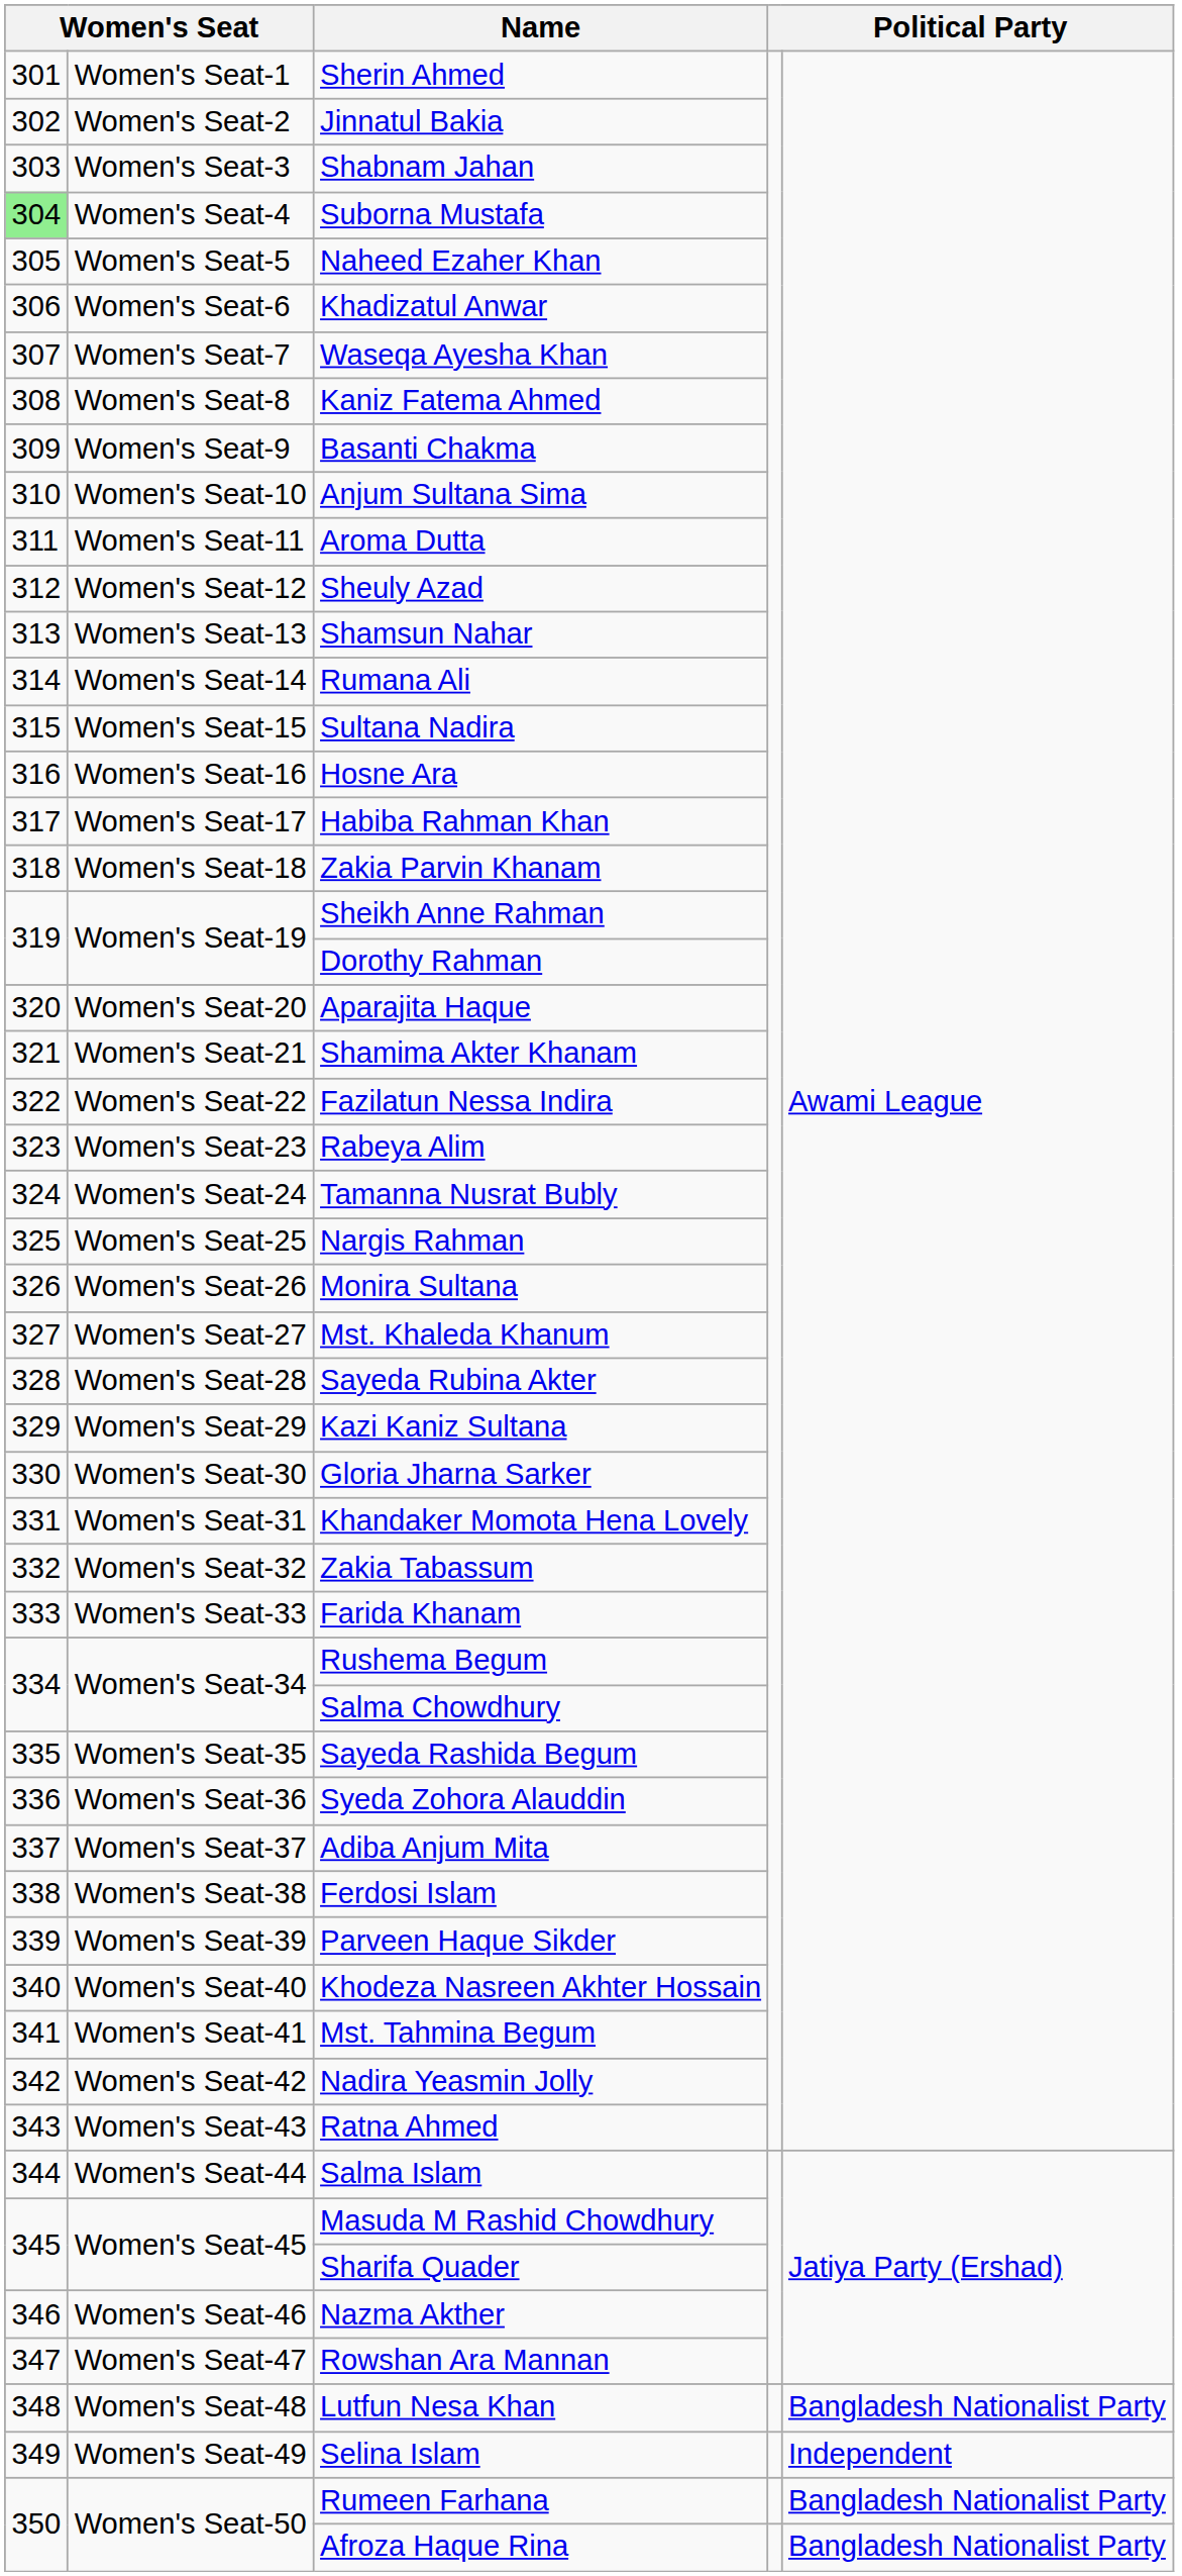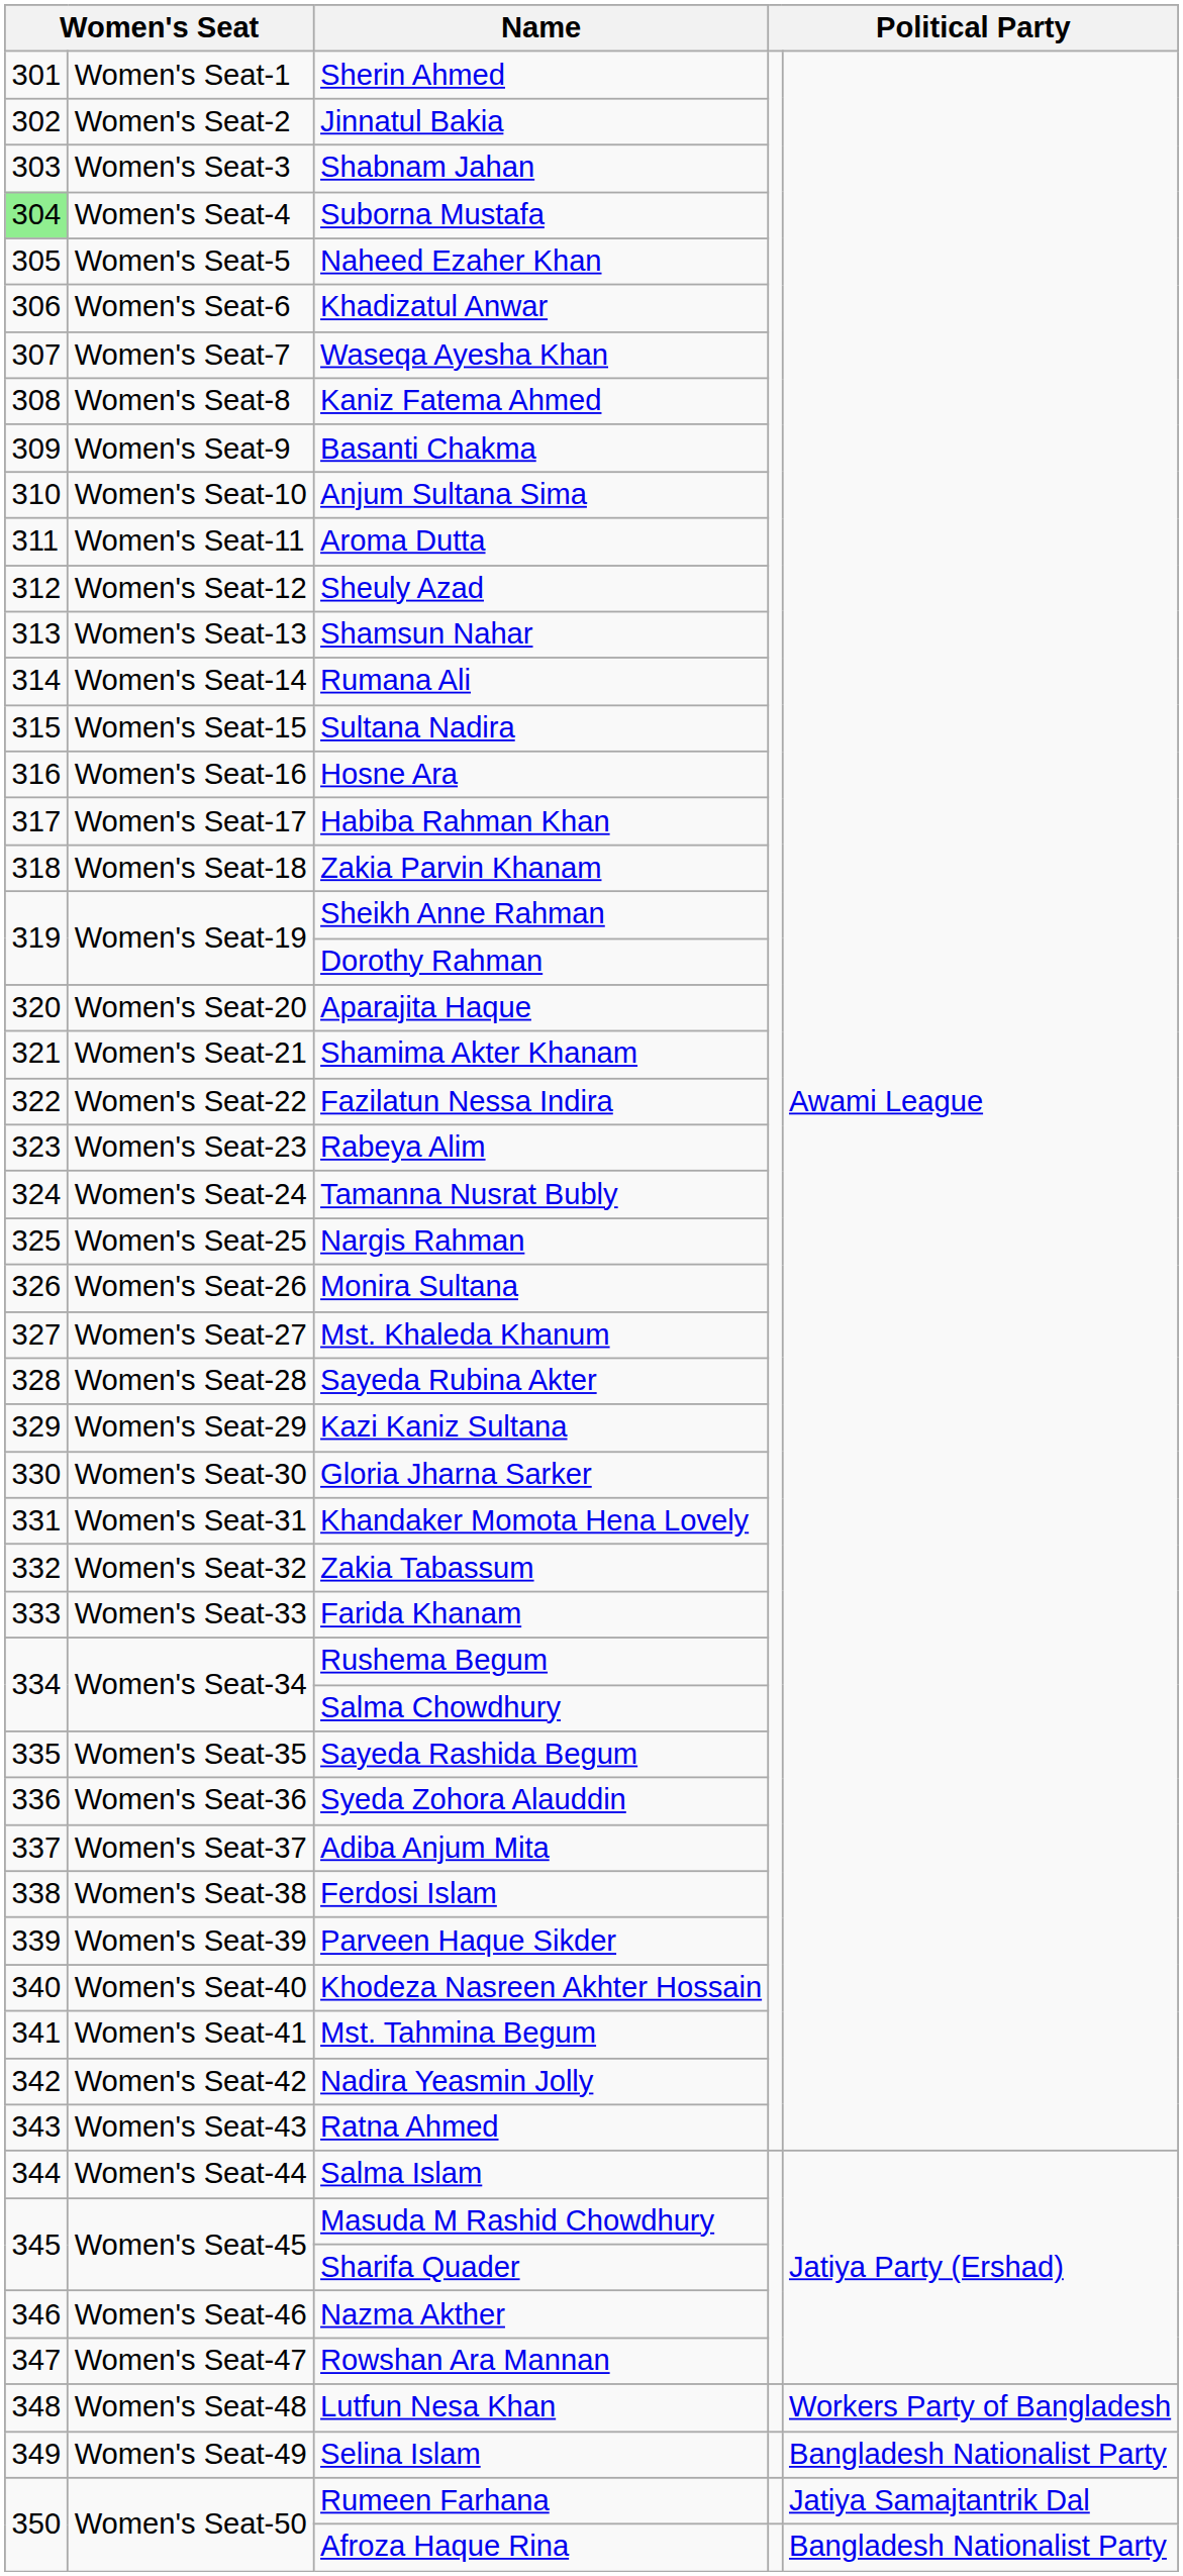 <table class="wikitable sortable">
 <tr>
 <th colspan="2">Women's Seat</th>
 <th>Name</th>
 <th colspan="2"><strong>Political Party</strong></th>
 </tr>
 <tr>
 <td>301</td>
 <td>Women's Seat-1</td>
 <td><a href='#'>Sherin Ahmed</a></td>
 <td rowspan="45" style="background-color:"></td>
 <td rowspan="45"><a href='#'>Awami League</a></td>
 </tr>
 <tr>
 <td>302</td>
 <td>Women's Seat-2</td>
 <td><a href='#'>Jinnatul Bakia</a></td>
 </tr>
 <tr>
 <td>303</td>
 <td>Women's Seat-3</td>
 <td><a href='#'>Shabnam Jahan</a></td>
 </tr>
 <tr>
 <td style="background: lightgreen;">304</td>
 <td>Women's Seat-4</td>
 <td><a href='#'>Suborna Mustafa</a></td>
 </tr>
 <tr>
 <td>305</td>
 <td>Women's Seat-5</td>
 <td><a href='#'>Naheed Ezaher Khan</a></td>
 </tr>
 <tr>
 <td>306</td>
 <td>Women's Seat-6</td>
 <td><a href='#'>Khadizatul Anwar</a></td>
 </tr>
 <tr>
 <td>307</td>
 <td>Women's Seat-7</td>
 <td><a href='#'>Waseqa Ayesha Khan</a></td>
 </tr>
 <tr>
 <td>308</td>
 <td>Women's Seat-8</td>
 <td><a href='#'>Kaniz Fatema Ahmed</a></td>
 </tr>
 <tr>
 <td>309</td>
 <td>Women's Seat-9</td>
 <td><a href='#'>Basanti Chakma</a></td>
 </tr>
 <tr>
 <td>310</td>
 <td>Women's Seat-10</td>
 <td><a href='#'>Anjum Sultana Sima</a></td>
 </tr>
 <tr>
 <td>311</td>
 <td>Women's Seat-11</td>
 <td><a href='#'>Aroma Dutta</a></td>
 </tr>
 <tr>
 <td>312</td>
 <td>Women's Seat-12</td>
 <td><a href='#'>Sheuly Azad</a></td>
 </tr>
 <tr>
 <td>313</td>
 <td>Women's Seat-13</td>
 <td><a href='#'>Shamsun Nahar</a></td>
 </tr>
 <tr>
 <td>314</td>
 <td>Women's Seat-14</td>
 <td><a href='#'>Rumana Ali</a></td>
 </tr>
 <tr>
 <td>315</td>
 <td>Women's Seat-15</td>
 <td><a href='#'>Sultana Nadira</a></td>
 </tr>
 <tr>
 <td>316</td>
 <td>Women's Seat-16</td>
 <td><a href='#'>Hosne Ara</a></td>
 </tr>
 <tr>
 <td>317</td>
 <td>Women's Seat-17</td>
 <td><a href='#'>Habiba Rahman Khan</a></td>
 </tr>
 <tr>
 <td>318</td>
 <td>Women's Seat-18</td>
 <td><a href='#'>Zakia Parvin Khanam</a></td>
 </tr>
 <tr>
 <td rowspan="2">319</td>
 <td rowspan="2">Women's Seat-19</td>
 <td><a href='#'>Sheikh Anne Rahman</a> </td>
 </tr>
 <tr>
 <td><a href='#'>Dorothy Rahman</a> </td>
 </tr>
 <tr>
 <td>320</td>
 <td>Women's Seat-20</td>
 <td><a href='#'>Aparajita Haque</a></td>
 </tr>
 <tr>
 <td>321</td>
 <td>Women's Seat-21</td>
 <td><a href='#'>Shamima Akter Khanam</a></td>
 </tr>
 <tr>
 <td>322</td>
 <td>Women's Seat-22</td>
 <td><a href='#'>Fazilatun Nessa Indira</a></td>
 </tr>
 <tr>
 <td>323</td>
 <td>Women's Seat-23</td>
 <td><a href='#'>Rabeya Alim</a></td>
 </tr>
 <tr>
 <td>324</td>
 <td>Women's Seat-24</td>
 <td><a href='#'>Tamanna Nusrat Bubly</a></td>
 </tr>
 <tr>
 <td>325</td>
 <td>Women's Seat-25</td>
 <td><a href='#'>Nargis Rahman</a></td>
 </tr>
 <tr>
 <td>326</td>
 <td>Women's Seat-26</td>
 <td><a href='#'>Monira Sultana</a></td>
 </tr>
 <tr>
 <td>327</td>
 <td>Women's Seat-27</td>
 <td><a href='#'>Mst. Khaleda Khanum</a></td>
 </tr>
 <tr>
 <td>328</td>
 <td>Women's Seat-28</td>
 <td><a href='#'>Sayeda Rubina Akter</a></td>
 </tr>
 <tr>
 <td>329</td>
 <td>Women's Seat-29</td>
 <td><a href='#'>Kazi Kaniz Sultana</a></td>
 </tr>
 <tr>
 <td>330</td>
 <td>Women's Seat-30</td>
 <td><a href='#'>Gloria Jharna Sarker</a></td>
 </tr>
 <tr>
 <td>331</td>
 <td>Women's Seat-31</td>
 <td><a href='#'>Khandaker Momota Hena Lovely</a></td>
 </tr>
 <tr>
 <td>332</td>
 <td>Women's Seat-32</td>
 <td><a href='#'>Zakia Tabassum</a></td>
 </tr>
 <tr>
 <td>333</td>
 <td>Women's Seat-33</td>
 <td><a href='#'>Farida Khanam</a></td>
 </tr>
 <tr>
 <td rowspan="2">334</td>
 <td rowspan="2">Women's Seat-34</td>
 <td><a href='#'>Rushema Begum</a> </td>
 </tr>
 <tr>
 <td><a href='#'>Salma Chowdhury</a> </td>
 </tr>
 <tr>
 <td>335</td>
 <td>Women's Seat-35</td>
 <td><a href='#'>Sayeda Rashida Begum</a></td>
 </tr>
 <tr>
 <td>336</td>
 <td>Women's Seat-36</td>
 <td><a href='#'>Syeda Zohora Alauddin</a></td>
 </tr>
 <tr>
 <td>337</td>
 <td>Women's Seat-37</td>
 <td><a href='#'>Adiba Anjum Mita</a></td>
 </tr>
 <tr>
 <td>338</td>
 <td>Women's Seat-38</td>
 <td><a href='#'>Ferdosi Islam</a></td>
 </tr>
 <tr>
 <td>339</td>
 <td>Women's Seat-39</td>
 <td><a href='#'>Parveen Haque Sikder</a></td>
 </tr>
 <tr>
 <td>340</td>
 <td>Women's Seat-40</td>
 <td><a href='#'>Khodeza Nasreen Akhter Hossain</a></td>
 </tr>
 <tr>
 <td>341</td>
 <td>Women's Seat-41</td>
 <td><a href='#'>Mst. Tahmina Begum</a></td>
 </tr>
 <tr>
 <td>342</td>
 <td>Women's Seat-42</td>
 <td><a href='#'>Nadira Yeasmin Jolly</a></td>
 </tr>
 <tr>
 <td>343</td>
 <td>Women's Seat-43</td>
 <td><a href='#'>Ratna Ahmed</a></td>
 </tr>
 <tr>
 <td>344</td>
 <td>Women's Seat-44</td>
 <td><a href='#'>Salma Islam</a></td>
 <td rowspan="5" style="background-color:"></td>
 <td rowspan="5"><a href='#'>Jatiya Party (Ershad)</a></td>
 </tr>
 <tr>
 <td rowspan="2">345</td>
 <td rowspan="2">Women's Seat-45</td>
 <td><a href='#'>Masuda M Rashid Chowdhury</a> </td>
 </tr>
 <tr>
 <td><a href='#'>Sharifa Quader</a> </td>
 </tr>
 <tr>
 <td>346</td>
 <td>Women's Seat-46</td>
 <td><a href='#'>Nazma Akther</a></td>
 </tr>
 <tr>
 <td>347</td>
 <td>Women's Seat-47</td>
 <td><a href='#'>Rowshan Ara Mannan</a></td>
 </tr>
 <tr>
 <td>348</td>
 <td>Women's Seat-48</td>
 <td><a href='#'>Lutfun Nesa Khan</a></td>
 <td style="background-color:"></td>
-<td><a href='#'>Bangladesh Nationalist Party</a></td>
+<td><a href='#'>Workers Party of Bangladesh</a></td>
 </tr>
 <tr>
 <td>349</td>
 <td>Women's Seat-49</td>
 <td><a href='#'>Selina Islam</a></td>
 <td style="background-color:"></td>
-<td><a href='#'>Independent</a></td>
+<td><a href='#'>Bangladesh Nationalist Party</a></td>
 </tr>
 <tr>
 <td rowspan="2">350</td>
 <td rowspan="2">Women's Seat-50</td>
 <td><a href='#'>Rumeen Farhana</a> </td>
 <td style="background-color:"></td>
-<td><a href='#'>Bangladesh Nationalist Party</a></td>
+<td><a href='#'>Jatiya Samajtantrik Dal</a></td>
 </tr>
 <tr>
 <td><a href='#'>Afroza Haque Rina</a> </td>
 <td style="background-color:"></td>
 <td><a href='#'>Bangladesh Nationalist Party</a></td>
 </tr>
 </table>
